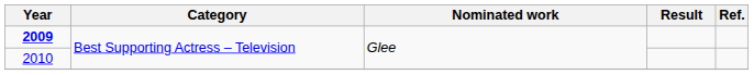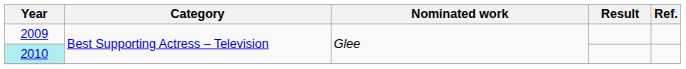 <table class=wikitable>
 <tr>
 <th scope="col" style="width:5em;">Year</th>
 <th scope="col" style="width:26em;">Category</th>
 <th scope="col" style="width:25em;">Nominated work</th>
 <th scope="col" style="width:5em;">Result</th>
 <th>Ref.</th>
 </tr>
 <tr>
-<td style="text-align:center;"><strong><a href='#'>2009</a></strong></td>
+<td style="text-align:center;"><a href='#'>2009</a></td>
 <td rowspan=2><a href='#'>Best Supporting Actress – Television</a></td>
 <td rowspan=2><em>Glee</em></td>
 <td></td>
 <td style="text-align:center;"></td>
 </tr>
 <tr>
-<td style="text-align:center;"><a href='#'>2010</a></td>
+<td style="background: paleturquoise; text-align:center;"><a href='#'>2010</a></td>
 <td></td>
 <td style="text-align:center;"></td>
 </tr>
 <tr>
 </tr>
 </table>
